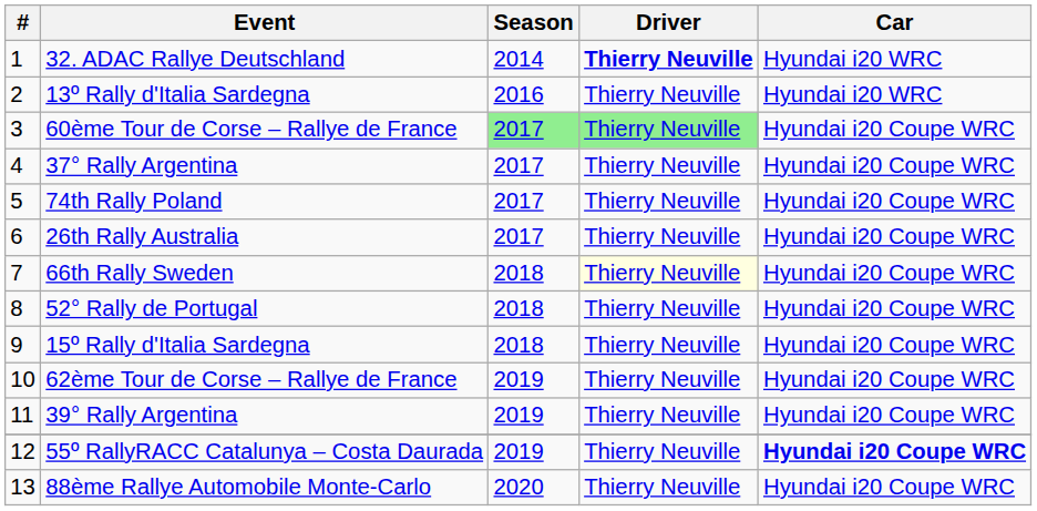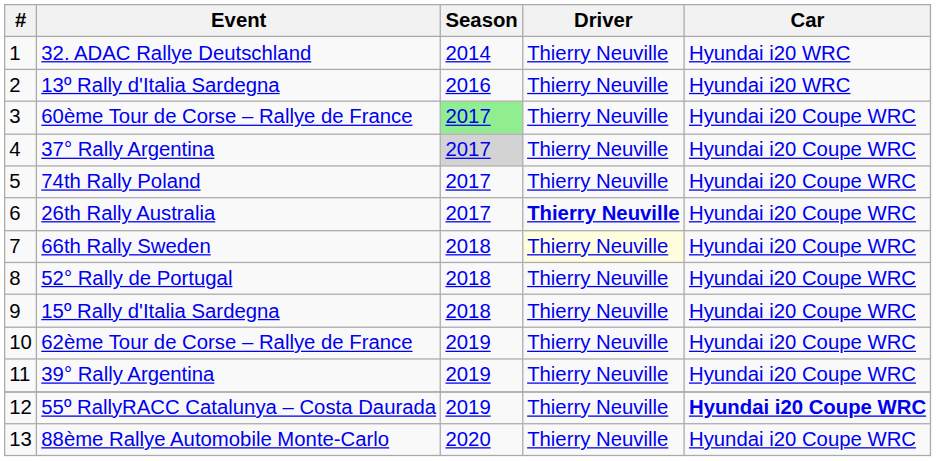 <table class="wikitable">
 <tr>
 <th> # </th>
 <th>Event</th>
 <th>Season</th>
 <th>Driver</th>
 <th>Car</th>
 </tr>
 <tr>
 <td>1</td>
 <td> <a href='#'>32. ADAC Rallye Deutschland</a></td>
 <td><a href='#'>2014</a></td>
-<td><strong> <a href='#'>Thierry Neuville</a></strong></td>
+<td> <a href='#'>Thierry Neuville</a></td>
 <td><a href='#'>Hyundai i20 WRC</a></td>
 </tr>
 <tr>
 <td>2</td>
 <td> <a href='#'>13º Rally d'Italia Sardegna</a></td>
 <td><a href='#'>2016</a></td>
 <td> <a href='#'>Thierry Neuville</a></td>
 <td><a href='#'>Hyundai i20 WRC</a></td>
 </tr>
 <tr>
 <td>3</td>
 <td> <a href='#'>60ème Tour de Corse – Rallye de France</a></td>
 <td style="background: lightgreen;"><a href='#'>2017</a></td>
-<td style="background: lightgreen;"> <a href='#'>Thierry Neuville</a></td>
+<td> <a href='#'>Thierry Neuville</a></td>
 <td><a href='#'>Hyundai i20 Coupe WRC</a></td>
 </tr>
 <tr>
 <td>4</td>
 <td> <a href='#'>37° Rally Argentina</a></td>
-<td><a href='#'>2017</a></td>
+<td style="background: lightgrey;"><a href='#'>2017</a></td>
 <td> <a href='#'>Thierry Neuville</a></td>
 <td><a href='#'>Hyundai i20 Coupe WRC</a></td>
 </tr>
 <tr>
 <td>5</td>
 <td> <a href='#'>74th Rally Poland</a></td>
 <td><a href='#'>2017</a></td>
 <td> <a href='#'>Thierry Neuville</a></td>
 <td><a href='#'>Hyundai i20 Coupe WRC</a></td>
 </tr>
 <tr>
 <td>6</td>
 <td> <a href='#'>26th Rally Australia</a></td>
 <td><a href='#'>2017</a></td>
-<td> <a href='#'>Thierry Neuville</a></td>
+<td><strong> <a href='#'>Thierry Neuville</a></strong></td>
 <td><a href='#'>Hyundai i20 Coupe WRC</a></td>
 </tr>
 <tr>
 <td>7</td>
 <td> <a href='#'>66th Rally Sweden</a></td>
 <td><a href='#'>2018</a></td>
 <td style="background: lightyellow;"> <a href='#'>Thierry Neuville</a></td>
 <td><a href='#'>Hyundai i20 Coupe WRC</a></td>
 </tr>
 <tr>
 <td>8</td>
 <td> <a href='#'>52° Rally de Portugal</a></td>
 <td><a href='#'>2018</a></td>
 <td> <a href='#'>Thierry Neuville</a></td>
 <td><a href='#'>Hyundai i20 Coupe WRC</a></td>
 </tr>
 <tr>
 <td>9</td>
 <td> <a href='#'>15º Rally d'Italia Sardegna</a></td>
 <td><a href='#'>2018</a></td>
 <td> <a href='#'>Thierry Neuville</a></td>
 <td><a href='#'>Hyundai i20 Coupe WRC</a></td>
 </tr>
 <tr>
 <td>10</td>
 <td> <a href='#'>62ème Tour de Corse – Rallye de France</a></td>
 <td><a href='#'>2019</a></td>
 <td> <a href='#'>Thierry Neuville</a></td>
 <td><a href='#'>Hyundai i20 Coupe WRC</a></td>
 </tr>
 <tr>
 <td>11</td>
 <td> <a href='#'>39° Rally Argentina</a></td>
 <td><a href='#'>2019</a></td>
 <td> <a href='#'>Thierry Neuville</a></td>
 <td><a href='#'>Hyundai i20 Coupe WRC</a></td>
 </tr>
 <tr>
 </tr>
 <tr>
 <td>12</td>
 <td> <a href='#'>55º RallyRACC Catalunya – Costa Daurada</a></td>
 <td><a href='#'>2019</a></td>
 <td> <a href='#'>Thierry Neuville</a></td>
 <td><strong><a href='#'>Hyundai i20 Coupe WRC</a></strong></td>
 </tr>
 <tr>
 <td>13</td>
 <td> <a href='#'>88ème Rallye Automobile Monte-Carlo</a></td>
 <td><a href='#'>2020</a></td>
 <td> <a href='#'>Thierry Neuville</a></td>
 <td><a href='#'>Hyundai i20 Coupe WRC</a></td>
 </tr>
 </table>
